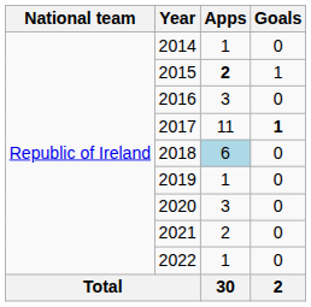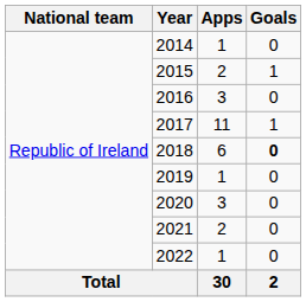 <table class="wikitable" style="text-align:center">
 <tr>
 <th>National team</th>
 <th>Year</th>
 <th>Apps</th>
 <th>Goals</th>
 </tr>
 <tr>
 <td rowspan="9"><a href='#'>Republic of Ireland</a></td>
 <td>2014</td>
 <td>1</td>
 <td>0</td>
 </tr>
 <tr>
 <td>2015</td>
-<td><strong>2</strong></td>
+<td>2</td>
 <td>1</td>
 </tr>
 <tr>
 <td>2016</td>
 <td>3</td>
 <td>0</td>
 </tr>
 <tr>
 <td>2017</td>
 <td>11</td>
-<td><strong>1</strong></td>
+<td>1</td>
 </tr>
 <tr>
 <td>2018</td>
-<td style="background: lightblue;">6</td>
-<td>0</td>
+<td>6</td>
+<td><strong>0</strong></td>
 </tr>
 <tr>
 <td>2019</td>
 <td>1</td>
 <td>0</td>
 </tr>
 <tr>
 <td>2020</td>
 <td>3</td>
 <td>0</td>
 </tr>
 <tr>
 <td>2021</td>
 <td>2</td>
 <td>0</td>
 </tr>
 <tr>
 <td>2022</td>
 <td>1</td>
 <td>0</td>
 </tr>
 <tr>
 <th colspan="2">Total</th>
 <th>30</th>
 <th>2</th>
 </tr>
 </table>
